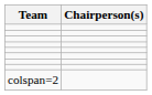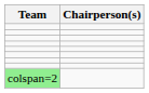 <table class="wikitable sortable" style="text-align: left;">
 <tr>
 <th>Team</th>
 <th>Chairperson(s)</th>
 </tr>
 <tr>
 <td><strong></strong></td>
 <td></td>
 </tr>
 <tr>
 <td><strong></strong></td>
 <td></td>
 </tr>
 <tr>
 <td><strong></strong></td>
 <td></td>
 </tr>
 <tr>
 <td><strong></strong></td>
 <td></td>
 </tr>
 <tr>
 <td><strong></strong></td>
 <td></td>
 </tr>
 <tr>
 <td><strong></strong></td>
 <td></td>
 </tr>
 <tr>
 <td><strong></strong></td>
 <td></td>
 </tr>
 <tr>
 <td><strong></strong></td>
 <td></td>
 </tr>
 <tr>
-<td>colspan=2 </td>
+<td style="background: lightgreen;">colspan=2 </td>
 </tr>
 </table>
